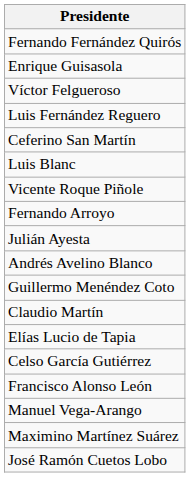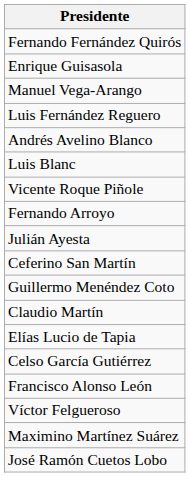 <table class="wikitable">
 <tr>
 <th>Presidente</th>
 </tr>
 <tr>
 <td>Fernando Fernández Quirós</td>
 </tr>
 <tr>
 <td>Enrique Guisasola</td>
 </tr>
 <tr>
-<td>Víctor Felgueroso</td>
+<td>Manuel Vega-Arango</td>
 </tr>
 <tr>
 <td>Luis Fernández Reguero</td>
 </tr>
 <tr>
-<td>Ceferino San Martín</td>
+<td>Andrés Avelino Blanco</td>
 </tr>
 <tr>
 <td>Luis Blanc</td>
 </tr>
 <tr>
 <td>Vicente Roque Piñole</td>
 </tr>
 <tr>
 <td>Fernando Arroyo</td>
 </tr>
 <tr>
 <td>Julián Ayesta</td>
 </tr>
 <tr>
-<td>Andrés Avelino Blanco</td>
+<td>Ceferino San Martín</td>
 </tr>
 <tr>
 <td>Guillermo Menéndez Coto</td>
 </tr>
 <tr>
 <td>Claudio Martín</td>
 </tr>
 <tr>
 <td>Elías Lucio de Tapia</td>
 </tr>
 <tr>
 <td>Celso García Gutiérrez</td>
 </tr>
 <tr>
 <td>Francisco Alonso León</td>
 </tr>
 <tr>
-<td>Manuel Vega-Arango</td>
+<td>Víctor Felgueroso</td>
 </tr>
 <tr>
 <td>Maximino Martínez Suárez</td>
 </tr>
 <tr>
 <td>José Ramón Cuetos Lobo</td>
 </tr>
 </table>
